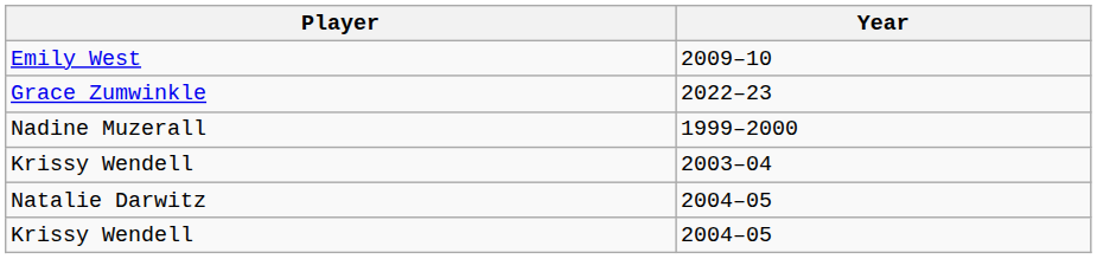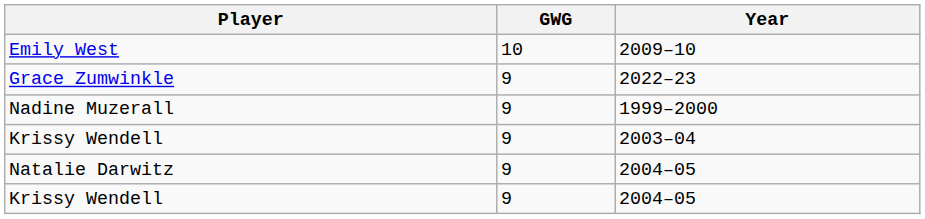 <table class="wikitable" style="width: 50em">
 <tr>
 <th>Player</th>
+<th>GWG</th>
 <th>Year</th>
 </tr>
 <tr>
 <td><a href='#'>Emily West</a></td>
+<td>10</td>
 <td>2009–10</td>
 </tr>
 <tr>
 <td><a href='#'>Grace Zumwinkle</a></td>
+<td>9</td>
 <td>2022–23</td>
 </tr>
 <tr>
 <td>Nadine Muzerall</td>
+<td>9</td>
 <td>1999–2000</td>
 </tr>
 <tr>
 <td>Krissy Wendell</td>
+<td>9</td>
 <td>2003–04</td>
 </tr>
 <tr>
 <td>Natalie Darwitz</td>
+<td>9</td>
 <td>2004–05</td>
 </tr>
 <tr>
 <td>Krissy Wendell</td>
+<td>9</td>
 <td>2004–05</td>
 </tr>
 </table>
